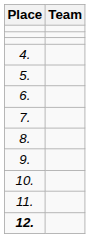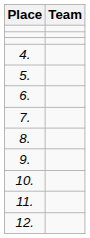 <table class="wikitable" style="text-align: center;">
 <tr>
 <th>Place</th>
 <th>Team</th>
 </tr>
 <tr>
 <td></td>
 <td style="text-align:left;"></td>
 </tr>
 <tr>
 <td></td>
 <td style="text-align:left;"></td>
 </tr>
 <tr>
 <td></td>
 <td style="text-align:left;"></td>
 </tr>
 <tr>
 <td><em>4.</em></td>
 <td style="text-align:left;"></td>
 </tr>
 <tr>
 <td><em>5.</em></td>
 <td style="text-align:left;"></td>
 </tr>
 <tr>
 <td><em>6.</em></td>
 <td style="text-align:left;"></td>
 </tr>
 <tr>
 <td><em>7.</em></td>
 <td style="text-align:left;"></td>
 </tr>
 <tr>
 <td><em>8.</em></td>
 <td style="text-align:left;"></td>
 </tr>
 <tr>
 <td><em>9.</em></td>
 <td style="text-align:left;"></td>
 </tr>
 <tr>
 <td><em>10.</em></td>
 <td style="text-align:left;"></td>
 </tr>
 <tr>
 <td><em>11.</em></td>
 <td style="text-align:left;"></td>
 </tr>
 <tr>
-<td><strong><em>12.</em></strong></td>
+<td><em>12.</em></td>
 <td style="text-align:left;"></td>
 </tr>
 </table>
